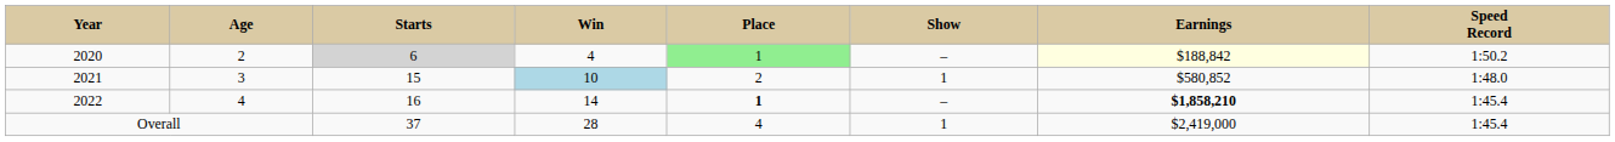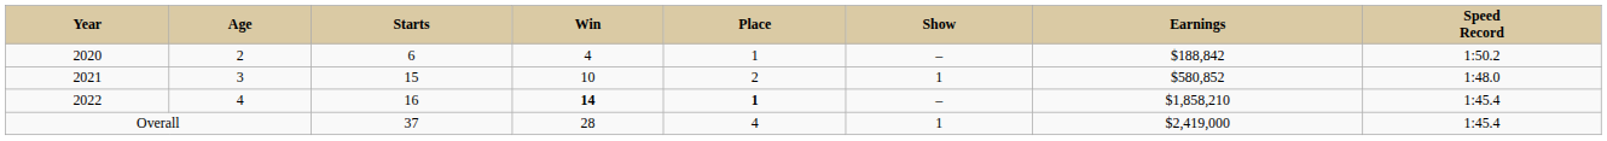 <table class="wikitable sortable" style="text-align:center; width:90%">
 <tr>
 <th scope="col" style="background:#dacaa4;">Year</th>
 <th scope="col" style="background:#dacaa4">Age</th>
 <th scope="col" style="background:#dacaa4;">Starts</th>
 <th scope="col" style="background:#dacaa4;">Win</th>
 <th scope="col" style="background:#dacaa4;">Place</th>
 <th scope="col" style="background:#dacaa4;">Show</th>
 <th scope="col" style="background:#dacaa4;">Earnings</th>
 <th scope="col" style="background:#dacaa4;">Speed<br>Record</th>
 </tr>
 <tr>
 <td>2020</td>
 <td>2</td>
-<td style="background: lightgrey;">6</td>
+<td>6</td>
 <td>4</td>
-<td style="background: lightgreen;">1</td>
+<td>1</td>
 <td>–</td>
-<td style="background: lightyellow;">$188,842</td>
+<td>$188,842</td>
 <td>1:50.2</td>
 </tr>
 <tr>
 <td>2021</td>
 <td>3</td>
 <td>15</td>
-<td style="background: lightblue;">10</td>
+<td>10</td>
 <td>2</td>
 <td>1</td>
 <td>$580,852</td>
 <td>1:48.0</td>
 </tr>
 <tr>
 <td>2022</td>
 <td>4</td>
 <td>16</td>
-<td>14</td>
+<td><strong>14</strong></td>
 <td><strong>1</strong></td>
 <td>–</td>
-<td><strong>$1,858,210</strong></td>
+<td>$1,858,210</td>
 <td>1:45.4</td>
 </tr>
 <tr>
 <td colspan="2">Overall</td>
 <td>37</td>
 <td>28</td>
 <td>4</td>
 <td>1</td>
 <td>$2,419,000</td>
 <td>1:45.4</td>
 </tr>
 </table>
